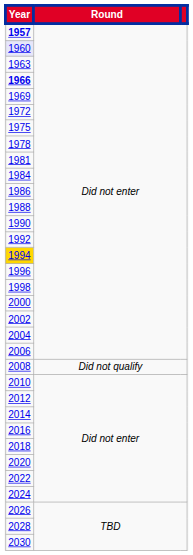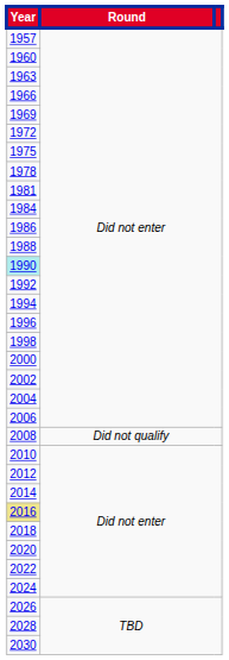 <table class="wikitable" style="text-align: center; font-size:90%">
 <tr style="color:white;">
 <th style="background:#e00025; border: 4px solid #032ea1;">Year</th>
 <th style="background:#e00025; border: 4px solid #032ea1; width:200px">Round</th>
 <th style="background:#e00025; border: 4px solid #032ea1;"></th>
 </tr>
 <tr>
-<td><strong><a href='#'>1957</a></strong></td>
+<td><a href='#'>1957</a></td>
 <td colspan="2" rowspan="21"><em>Did not enter</em></td>
 </tr>
 <tr>
-<td style="background: lavender;"><a href='#'>1960</a></td>
+<td><a href='#'>1960</a></td>
 </tr>
 <tr>
 <td><a href='#'>1963</a></td>
 </tr>
 <tr>
-<td><strong><a href='#'>1966</a></strong></td>
+<td><a href='#'>1966</a></td>
 </tr>
 <tr>
 <td><a href='#'>1969</a></td>
 </tr>
 <tr>
 <td><a href='#'>1972</a></td>
 </tr>
 <tr>
 <td><a href='#'>1975</a></td>
 </tr>
 <tr>
 <td><a href='#'>1978</a></td>
 </tr>
 <tr>
 <td><a href='#'>1981</a></td>
 </tr>
 <tr>
 <td><a href='#'>1984</a></td>
 </tr>
 <tr>
 <td><a href='#'>1986</a></td>
 </tr>
 <tr>
 <td><a href='#'>1988</a></td>
 </tr>
 <tr>
-<td><a href='#'>1990</a></td>
+<td style="background: paleturquoise;"><a href='#'>1990</a></td>
 </tr>
 <tr>
 <td><a href='#'>1992</a></td>
 </tr>
 <tr>
-<td style="background: gold;"><a href='#'>1994</a></td>
+<td><a href='#'>1994</a></td>
 </tr>
 <tr>
 <td><a href='#'>1996</a></td>
 </tr>
 <tr>
 <td><a href='#'>1998</a></td>
 </tr>
 <tr>
 <td><a href='#'>2000</a></td>
 </tr>
 <tr>
 <td><a href='#'>2002</a></td>
 </tr>
 <tr>
 <td><a href='#'>2004</a></td>
 </tr>
 <tr>
 <td><a href='#'>2006</a></td>
 </tr>
 <tr>
 <td><a href='#'>2008</a></td>
 <td colspan="2"><em>Did not qualify</em></td>
 </tr>
 <tr>
 <td><a href='#'>2010</a></td>
 <td colspan="2" rowspan="8"><em>Did not enter</em></td>
 </tr>
 <tr>
 <td><a href='#'>2012</a></td>
 </tr>
 <tr>
 <td><a href='#'>2014</a></td>
 </tr>
 <tr>
-<td><a href='#'>2016</a></td>
+<td style="background: khaki;"><a href='#'>2016</a></td>
 </tr>
 <tr>
 <td><a href='#'>2018</a></td>
 </tr>
 <tr>
 <td><a href='#'>2020</a></td>
 </tr>
 <tr>
 <td><a href='#'>2022</a></td>
 </tr>
 <tr>
 <td><a href='#'>2024</a></td>
 </tr>
 <tr>
 <td><a href='#'>2026</a></td>
 <td colspan="2" rowspan="3"><em>TBD</em></td>
 </tr>
 <tr>
 <td><a href='#'>2028</a></td>
 </tr>
 <tr>
 <td><a href='#'>2030</a></td>
 </tr>
 </table>
